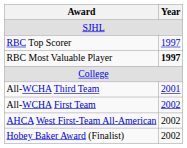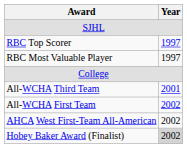 <table class="wikitable">
 <tr>
 <th>Award</th>
 <th>Year</th>
 </tr>
 <tr ALIGN="center" bgcolor="#e0e0e0">
 <td colspan="3"><a href='#'>SJHL</a></td>
 </tr>
 <tr>
 <td><a href='#'>RBC</a> Top Scorer</td>
 <td><a href='#'>1997</a></td>
 </tr>
 <tr>
 <td>RBC Most Valuable Player</td>
-<td><strong>1997</strong></td>
+<td>1997</td>
 </tr>
 <tr ALIGN="center" bgcolor="#e0e0e0">
 <td colspan="3"><a href='#'>College</a></td>
 </tr>
 <tr>
 <td>All-<a href='#'>WCHA</a> <a href='#'>Third Team</a></td>
 <td><a href='#'>2001</a></td>
 </tr>
 <tr>
 <td>All-<a href='#'>WCHA</a> <a href='#'>First Team</a></td>
 <td><a href='#'>2002</a></td>
 </tr>
 <tr>
 <td><a href='#'>AHCA</a> <a href='#'>West First-Team All-American</a></td>
 <td>2002</td>
 </tr>
 <tr>
 <td><a href='#'>Hobey Baker Award</a> (Finalist)</td>
-<td>2002</td>
+<td style="background: lightgrey;">2002</td>
 </tr>
 </table>
